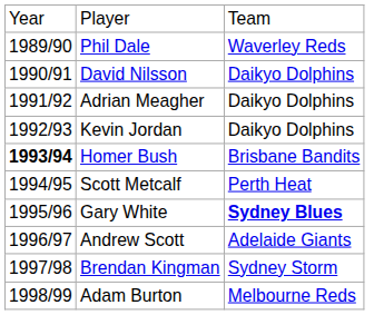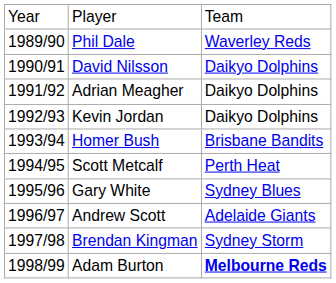 <table class="wikitable">
 <tr bgcolor="#FFFFFF">
 <td>Year</td>
 <td>Player</td>
 <td>Team</td>
 </tr>
 <tr bgcolor="#FFFFFF">
 <td>1989/90</td>
 <td><a href='#'>Phil Dale</a></td>
 <td><a href='#'>Waverley Reds</a></td>
 </tr>
 <tr bgcolor="#FFFFFF">
 <td>1990/91</td>
 <td><a href='#'>David Nilsson</a></td>
 <td><a href='#'>Daikyo Dolphins</a></td>
 </tr>
 <tr bgcolor="#FFFFFF">
 <td>1991/92</td>
 <td>Adrian Meagher</td>
 <td>Daikyo Dolphins</td>
 </tr>
 <tr bgcolor="#FFFFFF">
 <td>1992/93</td>
 <td>Kevin Jordan</td>
 <td>Daikyo Dolphins</td>
 </tr>
 <tr bgcolor="#FFFFFF">
-<td><strong>1993/94</strong></td>
+<td>1993/94</td>
 <td><a href='#'>Homer Bush</a></td>
 <td><a href='#'>Brisbane Bandits</a></td>
 </tr>
 <tr bgcolor="#FFFFFF">
 <td>1994/95</td>
 <td>Scott Metcalf</td>
 <td><a href='#'>Perth Heat</a></td>
 </tr>
 <tr bgcolor="#FFFFFF">
 <td>1995/96</td>
 <td>Gary White</td>
-<td><strong><a href='#'>Sydney Blues</a></strong></td>
+<td><a href='#'>Sydney Blues</a></td>
 </tr>
 <tr bgcolor="#FFFFFF">
 <td>1996/97</td>
 <td>Andrew Scott</td>
 <td><a href='#'>Adelaide Giants</a></td>
 </tr>
 <tr bgcolor="#FFFFFF">
 <td>1997/98</td>
 <td><a href='#'>Brendan Kingman</a></td>
 <td><a href='#'>Sydney Storm</a></td>
 </tr>
 <tr bgcolor="#FFFFFF">
 <td>1998/99</td>
 <td>Adam Burton</td>
-<td><a href='#'>Melbourne Reds</a></td>
+<td><strong><a href='#'>Melbourne Reds</a></strong></td>
 </tr>
 </table>
